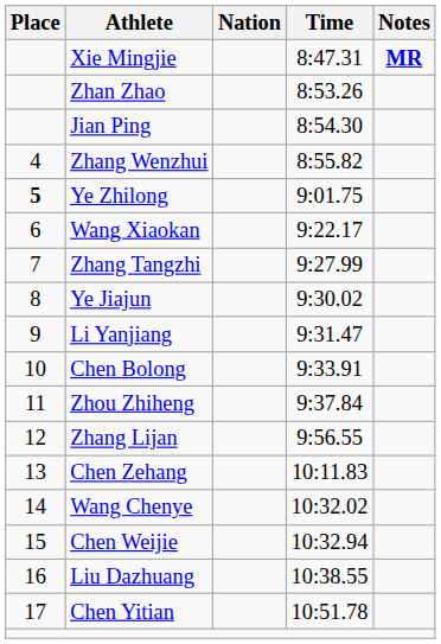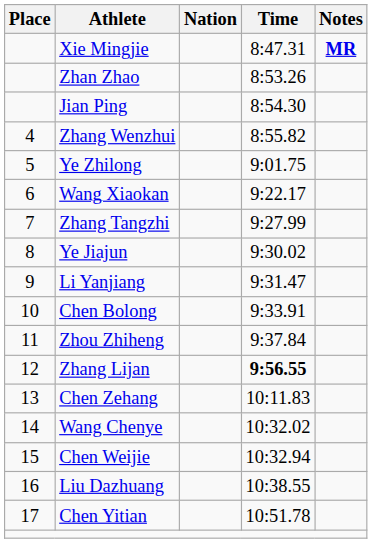 <table class="wikitable mw-datatable sortable" style="text-align:center;">
 <tr>
 <th scope="col">Place</th>
 <th scope="col">Athlete</th>
 <th scope="col">Nation</th>
 <th scope="col">Time</th>
 <th scope="col">Notes</th>
 </tr>
 <tr>
 <td></td>
 <td align="left"><a href='#'>Xie Mingjie</a></td>
 <td align="left"></td>
 <td>8:47.31</td>
 <td><strong><a href='#'>MR</a></strong></td>
 </tr>
 <tr>
 <td></td>
 <td align="left"><a href='#'>Zhan Zhao</a></td>
 <td align="left"></td>
 <td>8:53.26</td>
 <td></td>
 </tr>
 <tr>
 <td></td>
 <td align="left"><a href='#'>Jian Ping</a></td>
 <td align="left"></td>
 <td>8:54.30</td>
 <td></td>
 </tr>
 <tr>
 <td>4</td>
 <td align="left"><a href='#'>Zhang Wenzhui</a></td>
 <td align="left"></td>
 <td>8:55.82</td>
 <td></td>
 </tr>
 <tr>
-<td><strong>5</strong></td>
+<td>5</td>
 <td align="left"><a href='#'>Ye Zhilong</a></td>
 <td align="left"></td>
 <td>9:01.75</td>
 <td></td>
 </tr>
 <tr>
 <td>6</td>
 <td align="left"><a href='#'>Wang Xiaokan</a></td>
 <td align="left"></td>
 <td>9:22.17</td>
 <td></td>
 </tr>
 <tr>
 <td>7</td>
 <td align="left"><a href='#'>Zhang Tangzhi</a></td>
 <td align="left"></td>
 <td>9:27.99</td>
 <td></td>
 </tr>
 <tr>
 <td>8</td>
 <td align="left"><a href='#'>Ye Jiajun</a></td>
 <td align="left"></td>
 <td>9:30.02</td>
 <td></td>
 </tr>
 <tr>
 <td>9</td>
 <td align="left"><a href='#'>Li Yanjiang</a></td>
 <td align="left"></td>
 <td>9:31.47</td>
 <td></td>
 </tr>
 <tr>
 <td>10</td>
 <td align="left"><a href='#'>Chen Bolong</a></td>
 <td align="left"></td>
 <td>9:33.91</td>
 <td></td>
 </tr>
 <tr>
 <td>11</td>
 <td align="left"><a href='#'>Zhou Zhiheng</a></td>
 <td align="left"></td>
 <td>9:37.84</td>
 <td></td>
 </tr>
 <tr>
 <td>12</td>
 <td align="left"><a href='#'>Zhang Lijan</a></td>
 <td align="left"></td>
-<td>9:56.55</td>
+<td><strong>9:56.55</strong></td>
 <td></td>
 </tr>
 <tr>
 <td>13</td>
 <td align="left"><a href='#'>Chen Zehang</a></td>
 <td align="left"></td>
 <td>10:11.83</td>
 <td></td>
 </tr>
 <tr>
 <td>14</td>
 <td align="left"><a href='#'>Wang Chenye</a></td>
 <td align="left"></td>
 <td>10:32.02</td>
 <td></td>
 </tr>
 <tr>
 <td>15</td>
 <td align="left"><a href='#'>Chen Weijie</a></td>
 <td align="left"></td>
 <td>10:32.94</td>
 <td></td>
 </tr>
 <tr>
 <td>16</td>
 <td align="left"><a href='#'>Liu Dazhuang</a></td>
 <td align="left"></td>
 <td>10:38.55</td>
 <td></td>
 </tr>
 <tr>
 <td>17</td>
 <td align="left"><a href='#'>Chen Yitian</a></td>
 <td align="left"></td>
 <td>10:51.78</td>
 <td></td>
 </tr>
 <tr class="sortbottom">
 <td colspan="5"></td>
 </tr>
 </table>
